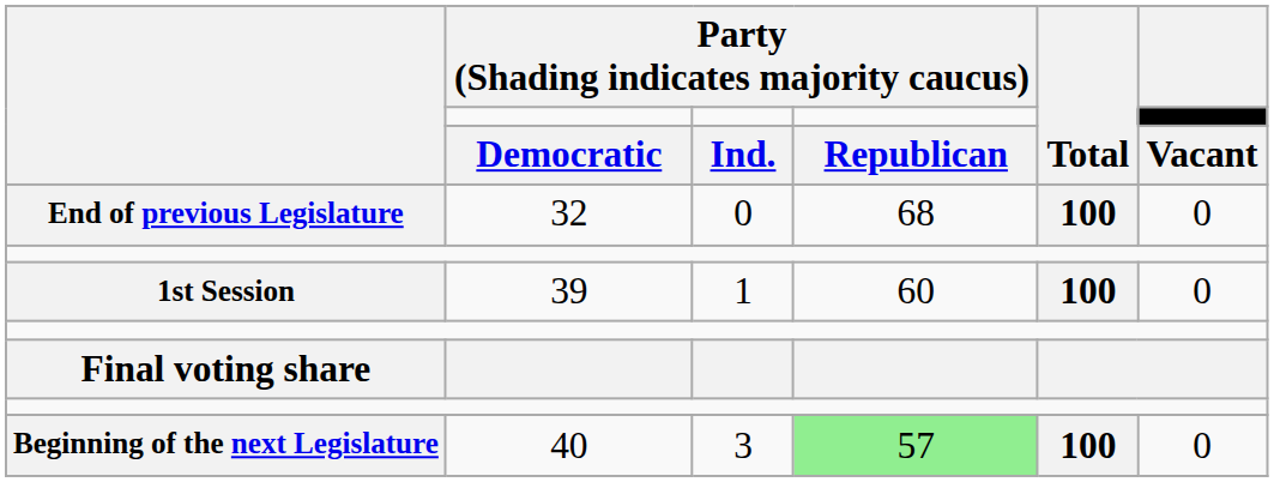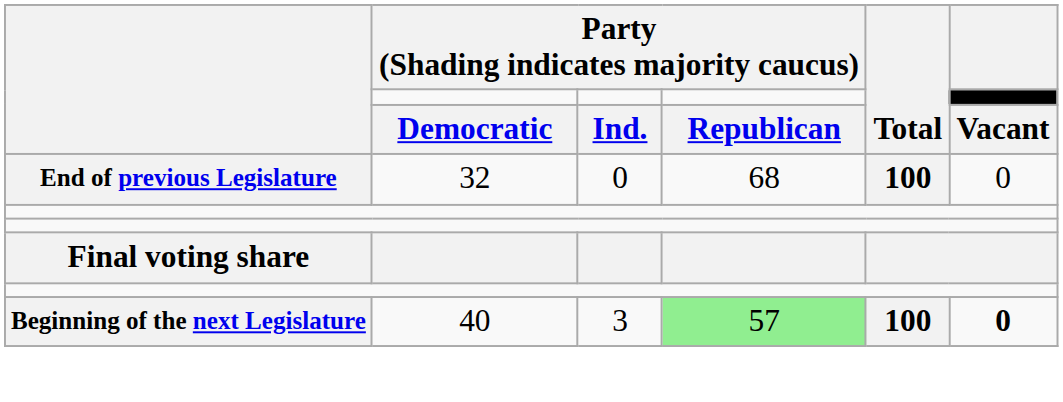 <table class=wikitable style="text-align:center">
 <tr style="vertical-align:bottom;">
 <th rowspan=3></th>
 <th colspan=3>Party <div>(Shading indicates majority caucus)</div></th>
 <th rowspan=3>Total</th>
 <th></th>
 </tr>
 <tr style="height:5px">
 <td style="background-color:"></td>
 <td style="background-color:"></td>
 <td style="background-color:"></td>
 <td style="background:black;"></td>
 </tr>
 <tr>
 <th><a href='#'>Democratic</a></th>
 <th><a href='#'>Ind.</a></th>
 <th><a href='#'>Republican</a></th>
 <th>Vacant</th>
 </tr>
 <tr>
 <th style="font-size:80%;">End of <a href='#'>previous Legislature</a></th>
 <td>32</td>
 <td>0</td>
 <td>68</td>
 <th>100</th>
 <td>0</td>
 </tr>
 <tr>
 <td colspan=6></td>
 </tr>
 <tr>
-<th style="font-size:80%;">1st Session</th>
-<td>39</td>
-<td>1</td>
-<td>60</td>
-<th>100</th>
-<td>0</td>
-</tr>
-<tr>
 <td colspan=6></td>
 </tr>
 <tr>
 <th>Final voting share</th>
 <th></th>
 <th></th>
 <th></th>
 <th colspan=2></th>
 </tr>
 <tr>
 <td colspan=6></td>
 </tr>
 <tr>
 <th style="font-size:80%;">Beginning of the <a href='#'>next Legislature</a></th>
 <td>40</td>
 <td>3</td>
 <td style="background: lightgreen;">57</td>
 <th>100</th>
-<td>0</td>
+<td><strong>0</strong></td>
 </tr>
 </table>
